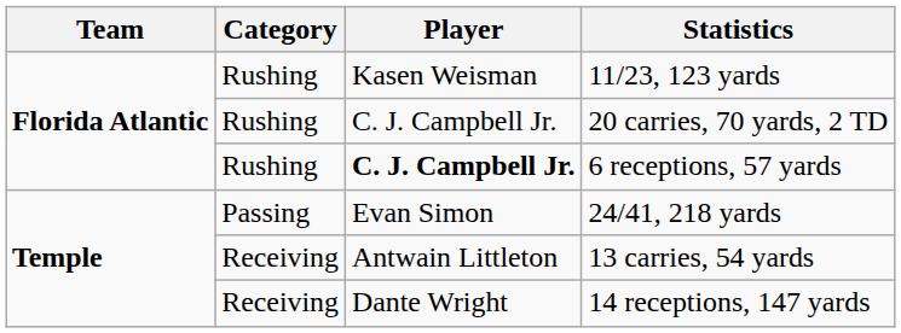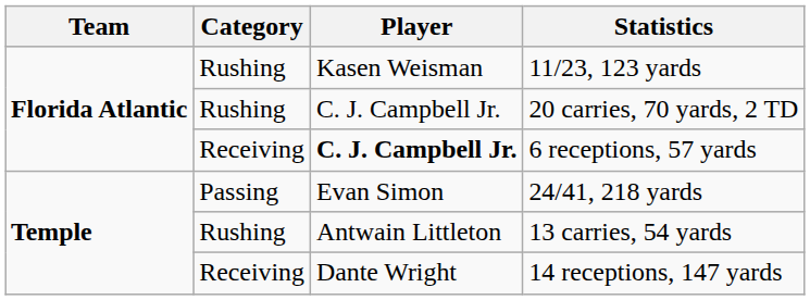 <table class="wikitable" style="float: right;">
 <tr>
 <th>Team</th>
 <th>Category</th>
 <th>Player</th>
 <th>Statistics</th>
 </tr>
 <tr>
 <td rowspan=3><strong>Florida Atlantic</strong></td>
 <td>Rushing</td>
 <td>Kasen Weisman</td>
 <td>11/23, 123 yards</td>
 </tr>
 <tr>
 <td>Rushing</td>
 <td>C. J. Campbell Jr.</td>
 <td>20 carries, 70 yards, 2 TD</td>
 </tr>
 <tr>
-<td>Rushing</td>
+<td>Receiving</td>
 <td><strong>C. J. Campbell Jr.</strong></td>
 <td>6 receptions, 57 yards</td>
 </tr>
 <tr>
 <td rowspan=3><strong>Temple</strong></td>
 <td>Passing</td>
 <td>Evan Simon</td>
 <td>24/41, 218 yards</td>
 </tr>
 <tr>
-<td>Receiving</td>
+<td>Rushing</td>
 <td>Antwain Littleton</td>
 <td>13 carries, 54 yards</td>
 </tr>
 <tr>
 <td>Receiving</td>
 <td>Dante Wright</td>
 <td>14 receptions, 147 yards</td>
 </tr>
 </table>
